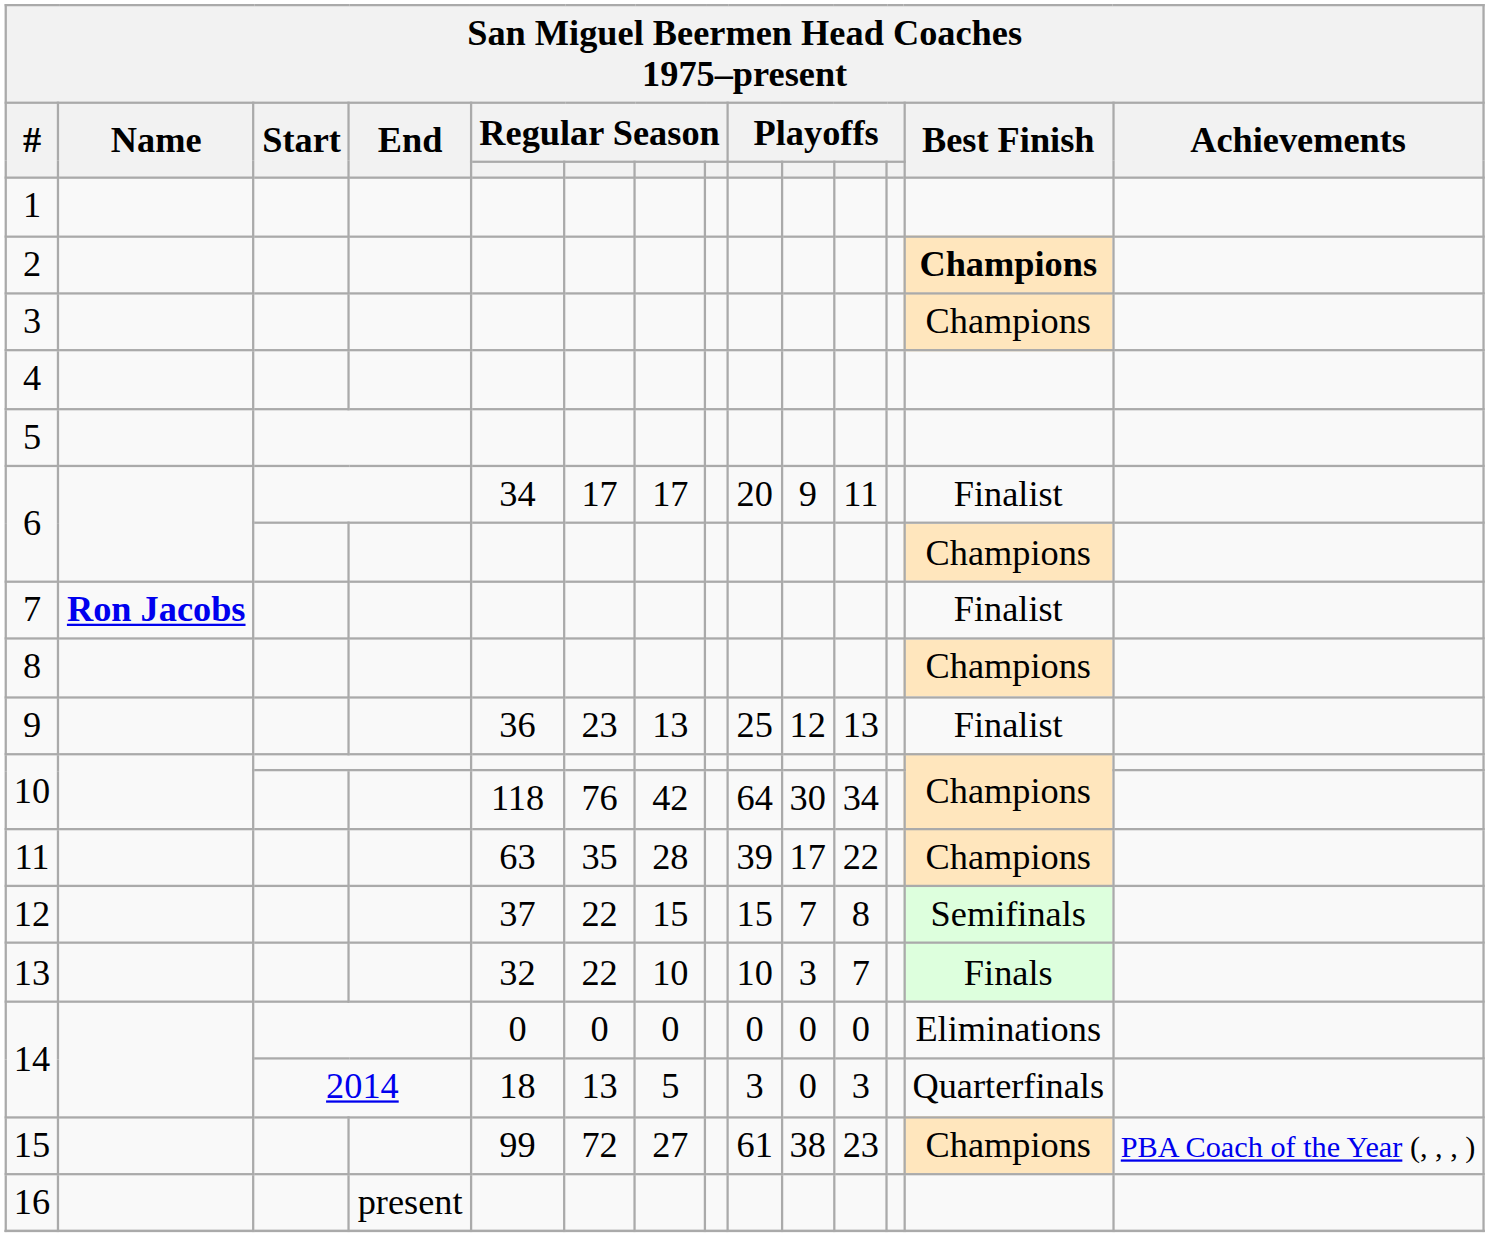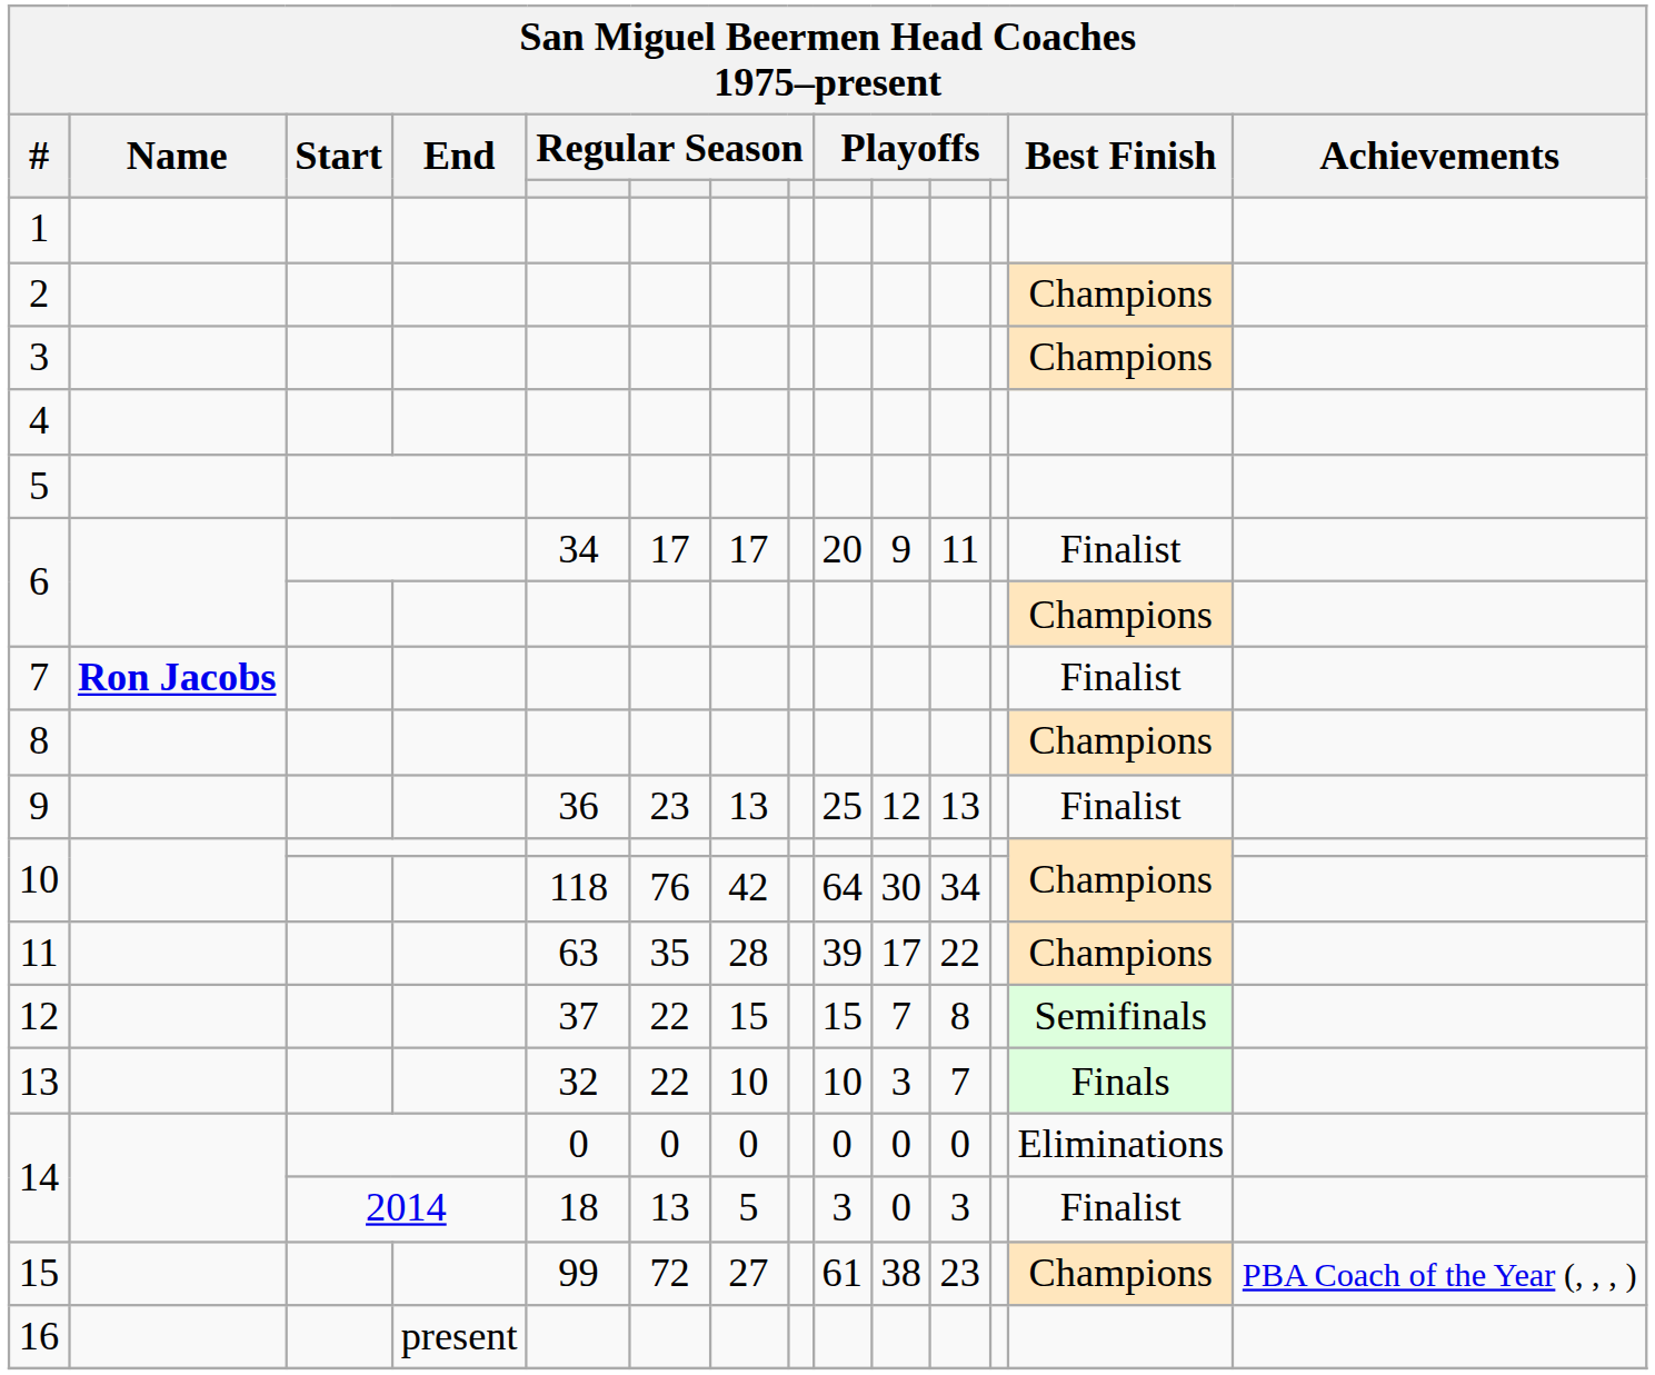 <table class="wikitable plainrowheaders sortable" style="margin:1.5em auto; text-align:center;" summary="# (sortable), Name (sortable), Term (sortable), Regular season games coached (sortable), Regular season wins (sortable), Regular season losses (sortable), Regular season winning percentage (sortable), Playoffs games coached (sortable), Playoffs wins (sortable), Playoffs losses (sortable), Playoffs winning percentage (sortable), Achievements and Reference">
 <tr>
 <th colspan=14>San Miguel Beermen Head Coaches<br>1975–present</th>
 </tr>
 <tr>
 <th scope="col" rowspan="2">#</th>
 <th scope="col" rowspan="2">Name</th>
 <th scope="col" rowspan="2">Start</th>
 <th scope="col" rowspan="2">End</th>
 <th class="unsortable" scope="col" colspan="4">Regular Season</th>
 <th class="unsortable" scope="col" colspan="4">Playoffs</th>
 <th scope="col" rowspan="2">Best Finish</th>
 <th scope="col" rowspan="2" class=unsortable>Achievements</th>
 </tr>
 <tr>
 <th scope="col"></th>
 <th scope="col"></th>
 <th scope="col"></th>
 <th scope="col"></th>
 <th scope="col"></th>
 <th scope="col"></th>
 <th scope="col"></th>
 <th scope="col"></th>
 </tr>
 <tr>
 <td align=center>1</td>
 <th scope="row" style="background-color:transparent;"></th>
 <td></td>
 <td></td>
 <td></td>
 <td></td>
 <td></td>
 <td></td>
 <td></td>
 <td></td>
 <td></td>
 <td></td>
 <td></td>
 <td></td>
 </tr>
 <tr>
 <td align=center>2</td>
 <th scope="row" style="background-color:transparent;"></th>
 <td></td>
 <td></td>
 <td></td>
 <td></td>
 <td></td>
 <td></td>
 <td></td>
 <td></td>
 <td></td>
 <td></td>
-<td bgcolor=#FFE6BD><strong>Champions</strong></td>
+<td bgcolor=#FFE6BD>Champions</td>
 <td></td>
 </tr>
 <tr>
 <td align=center>3</td>
 <th scope="row" style="background-color:transparent;"></th>
 <td></td>
 <td></td>
 <td></td>
 <td></td>
 <td></td>
 <td></td>
 <td></td>
 <td></td>
 <td></td>
 <td></td>
 <td bgcolor=#FFE6BD>Champions</td>
 <td></td>
 </tr>
 <tr>
 <td align=center>4</td>
 <th scope="row" style="background-color:transparent;"></th>
 <td></td>
 <td></td>
 <td></td>
 <td></td>
 <td></td>
 <td></td>
 <td></td>
 <td></td>
 <td></td>
 <td></td>
 <td></td>
 <td></td>
 </tr>
 <tr>
 <td align=center>5</td>
 <th scope="row" style="background-color:transparent;"></th>
 <td colspan=2></td>
 <td></td>
 <td></td>
 <td></td>
 <td></td>
 <td></td>
 <td></td>
 <td></td>
 <td></td>
 <td></td>
 <td></td>
 </tr>
 <tr>
 <td align=center rowspan=2>6</td>
 <th scope="row" style="background-color:transparent;" rowspan=2></th>
 <td colspan=2></td>
 <td>34</td>
 <td>17</td>
 <td>17</td>
 <td></td>
 <td>20</td>
 <td>9</td>
 <td>11</td>
 <td></td>
 <td>Finalist</td>
 <td></td>
 </tr>
 <tr>
 <td></td>
 <td></td>
 <td></td>
 <td></td>
 <td></td>
 <td></td>
 <td></td>
 <td></td>
 <td></td>
 <td></td>
 <td bgcolor=#FFE6BD>Champions</td>
 <td></td>
 </tr>
 <tr>
 <td align=center>7</td>
 <th scope="row" style="background-color:transparent;"><a href='#'>Ron Jacobs</a></th>
 <td></td>
 <td></td>
 <td></td>
 <td></td>
 <td></td>
 <td></td>
 <td></td>
 <td></td>
 <td></td>
 <td></td>
 <td>Finalist</td>
 <td></td>
 </tr>
 <tr>
 <td align=center>8</td>
 <th scope="row" style="background-color:transparent;"></th>
 <td></td>
 <td></td>
 <td></td>
 <td></td>
 <td></td>
 <td></td>
 <td></td>
 <td></td>
 <td></td>
 <td></td>
 <td bgcolor=#FFE6BD>Champions</td>
 <td></td>
 </tr>
 <tr>
 <td align=center>9</td>
 <th scope="row" style="background-color:transparent;"></th>
 <td></td>
 <td></td>
 <td>36</td>
 <td>23</td>
 <td>13</td>
 <td></td>
 <td>25</td>
 <td>12</td>
 <td>13</td>
 <td></td>
 <td>Finalist</td>
 <td></td>
 </tr>
 <tr>
 <td align=center rowspan=2>10</td>
 <th scope="row" style="background-color:transparent;" rowspan=2></th>
 <td colspan=2></td>
 <td></td>
 <td></td>
 <td></td>
 <td></td>
 <td></td>
 <td></td>
 <td></td>
 <td></td>
 <td bgcolor=#FFE6BD rowspan=2>Champions</td>
 <td></td>
 </tr>
 <tr>
 <td></td>
 <td></td>
 <td>118</td>
 <td>76</td>
 <td>42</td>
 <td></td>
 <td>64</td>
 <td>30</td>
 <td>34</td>
 <td></td>
 <td></td>
 </tr>
 <tr>
 <td align=center>11</td>
 <th scope="row" style="background-color:transparent;"></th>
 <td></td>
 <td></td>
 <td>63</td>
 <td>35</td>
 <td>28</td>
 <td></td>
 <td>39</td>
 <td>17</td>
 <td>22</td>
 <td></td>
 <td bgcolor=#FFE6BD>Champions</td>
 <td></td>
 </tr>
 <tr>
 <td align=center>12</td>
 <th scope="row" style="background-color:transparent;"></th>
 <td></td>
 <td></td>
 <td>37</td>
 <td>22</td>
 <td>15</td>
 <td></td>
 <td>15</td>
 <td>7</td>
 <td>8</td>
 <td></td>
 <td bgcolor=#DDFFDD>Semifinals</td>
 <td></td>
 </tr>
 <tr>
 <td align=center>13</td>
 <th scope="row" style="background-color:transparent;"></th>
 <td></td>
 <td></td>
 <td>32</td>
 <td>22</td>
 <td>10</td>
 <td></td>
 <td>10</td>
 <td>3</td>
 <td>7</td>
 <td></td>
 <td bgcolor=#DDFFDD>Finals</td>
 <td></td>
 </tr>
 <tr>
 <td align=center rowspan=2>14</td>
 <th scope="row" style="background-color:transparent;" rowspan=2></th>
 <td colspan=2></td>
 <td>0</td>
 <td>0</td>
 <td>0</td>
 <td></td>
 <td>0</td>
 <td>0</td>
 <td>0</td>
 <td></td>
 <td>Eliminations</td>
 <td></td>
 </tr>
 <tr>
 <td colspan=2><a href='#'>2014</a></td>
 <td>18</td>
 <td>13</td>
 <td>5</td>
 <td></td>
 <td>3</td>
 <td>0</td>
 <td>3</td>
 <td></td>
-<td>Quarterfinals</td>
+<td>Finalist</td>
 <td></td>
 </tr>
 <tr>
 <td align=center>15</td>
 <th scope="row" style="background-color:transparent;"></th>
 <td></td>
 <td></td>
 <td>99</td>
 <td>72</td>
 <td>27</td>
 <td></td>
 <td>61</td>
 <td>38</td>
 <td>23</td>
 <td></td>
 <td bgcolor=#FFE6BD>Champions</td>
 <td><small><a href='#'>PBA Coach of the Year</a> (, , , )</small></td>
 </tr>
 <tr>
 <td align=center>16</td>
 <th scope="row" style="background-color:transparent;"></th>
 <td></td>
 <td>present</td>
 <td></td>
 <td></td>
 <td></td>
 <td></td>
 <td></td>
 <td></td>
 <td></td>
 <td></td>
 <td></td>
 <td></td>
 </tr>
 <tr>
 </tr>
 </table>
